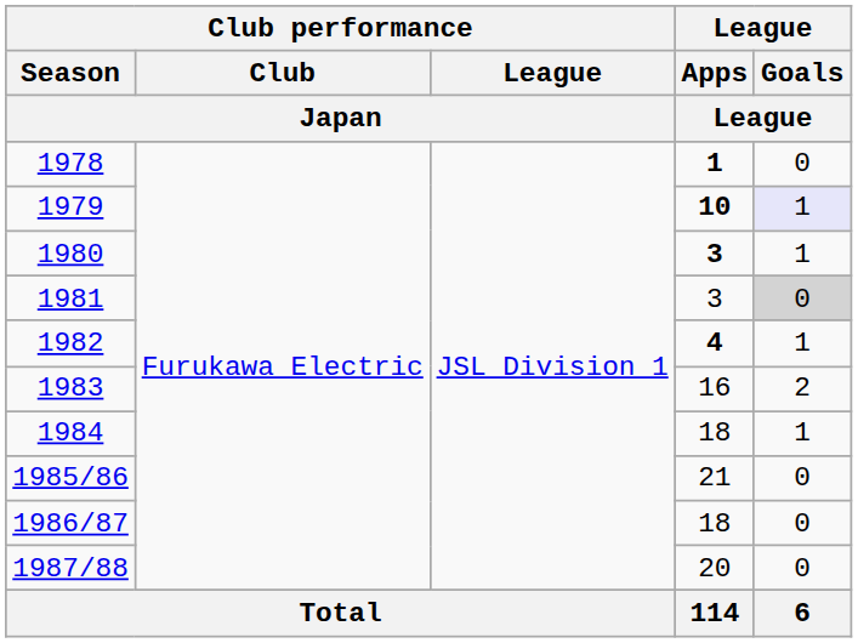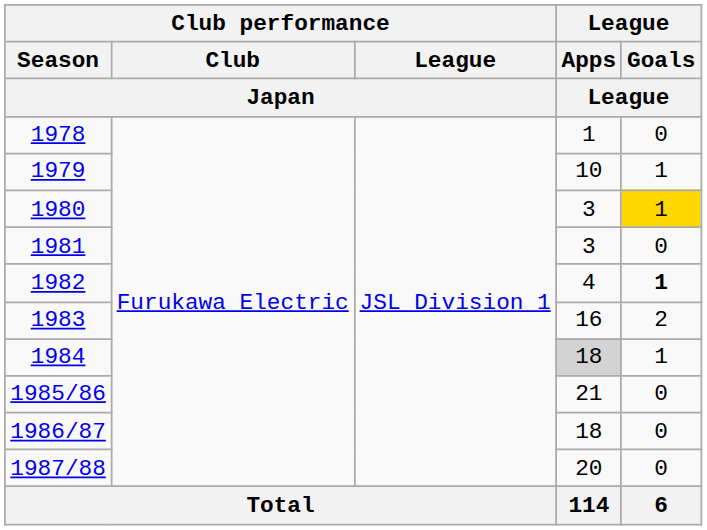 <table class="wikitable" style="text-align:center;">
 <tr>
 <th colspan=3>Club performance</th>
 <th colspan=2>League</th>
 </tr>
 <tr>
 <th>Season</th>
 <th>Club</th>
 <th>League</th>
 <th>Apps</th>
 <th>Goals</th>
 </tr>
 <tr>
 <th colspan=3>Japan</th>
 <th colspan=2>League</th>
 </tr>
 <tr>
 <td><a href='#'>1978</a></td>
 <td rowspan="10"><a href='#'>Furukawa Electric</a></td>
 <td rowspan="10"><a href='#'>JSL Division 1</a></td>
-<td><strong>1</strong></td>
+<td>1</td>
 <td>0</td>
 </tr>
 <tr>
 <td><a href='#'>1979</a></td>
-<td><strong>10</strong></td>
-<td style="background: lavender;">1</td>
+<td>10</td>
+<td>1</td>
 </tr>
 <tr>
 <td><a href='#'>1980</a></td>
-<td><strong>3</strong></td>
-<td>1</td>
+<td>3</td>
+<td style="background: gold;">1</td>
 </tr>
 <tr>
 <td><a href='#'>1981</a></td>
 <td>3</td>
-<td style="background: lightgrey;">0</td>
+<td>0</td>
 </tr>
 <tr>
 <td><a href='#'>1982</a></td>
-<td><strong>4</strong></td>
-<td>1</td>
+<td>4</td>
+<td><strong>1</strong></td>
 </tr>
 <tr>
 <td><a href='#'>1983</a></td>
 <td>16</td>
 <td>2</td>
 </tr>
 <tr>
 <td><a href='#'>1984</a></td>
-<td>18</td>
+<td style="background: lightgrey;">18</td>
 <td>1</td>
 </tr>
 <tr>
 <td><a href='#'>1985/86</a></td>
 <td>21</td>
 <td>0</td>
 </tr>
 <tr>
 <td><a href='#'>1986/87</a></td>
 <td>18</td>
 <td>0</td>
 </tr>
 <tr>
 <td><a href='#'>1987/88</a></td>
 <td>20</td>
 <td>0</td>
 </tr>
 <tr>
 <th colspan=3>Total</th>
 <th>114</th>
 <th>6</th>
 </tr>
 </table>
